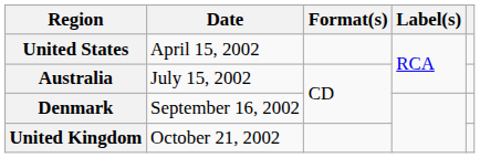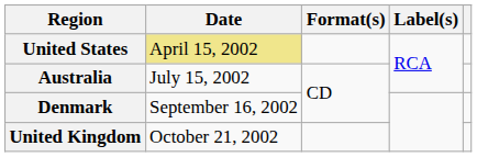 <table class="wikitable plainrowheaders">
 <tr>
 <th scope="col">Region</th>
 <th scope="col">Date</th>
 <th scope="col">Format(s)</th>
 <th scope="col">Label(s)</th>
 <th scope="col"></th>
 </tr>
 <tr>
 <th scope="row">United States</th>
-<td>April 15, 2002</td>
+<td style="background: khaki;">April 15, 2002</td>
 <td></td>
 <td rowspan="2"><a href='#'>RCA</a></td>
 <td align="center"></td>
 </tr>
 <tr>
 <th scope="row">Australia</th>
 <td>July 15, 2002</td>
 <td rowspan="2">CD</td>
 <td align="center"></td>
 </tr>
 <tr>
 <th scope="row">Denmark</th>
 <td>September 16, 2002</td>
 <td rowspan="2"></td>
 <td align="center"></td>
 </tr>
 <tr>
 <th scope="row">United Kingdom</th>
 <td>October 21, 2002</td>
 <td></td>
 <td align="center"></td>
 </tr>
 </table>
